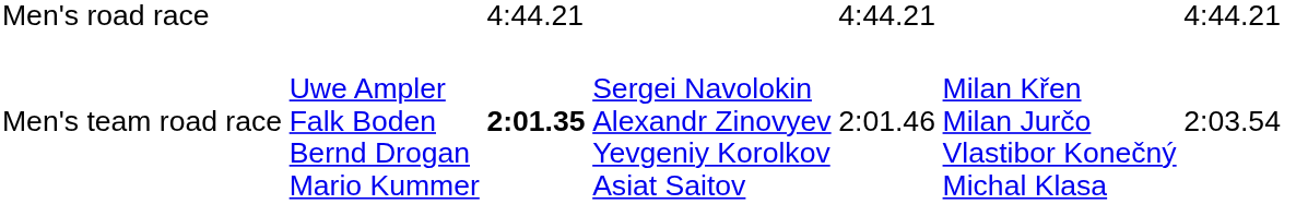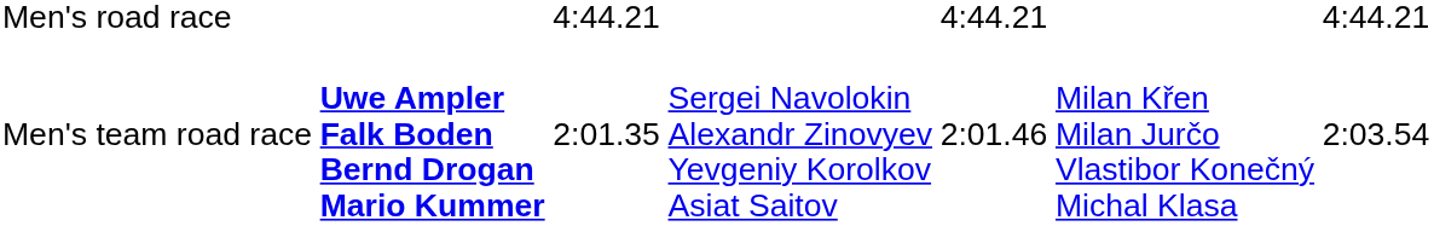 <table>
 <tr>
 <td>Men's road race</td>
 <td></td>
 <td>4:44.21</td>
 <td></td>
 <td>4:44.21</td>
 <td></td>
 <td>4:44.21</td>
 </tr>
 <tr>
 <td>Men's team road race</td>
-<td><br><a href='#'>Uwe Ampler</a><br><a href='#'>Falk Boden</a><br><a href='#'>Bernd Drogan</a><br><a href='#'>Mario Kummer</a></td>
-<td><strong>2:01.35</strong></td>
+<td><strong><br><a href='#'>Uwe Ampler</a><br><a href='#'>Falk Boden</a><br><a href='#'>Bernd Drogan</a><br><a href='#'>Mario Kummer</a></strong></td>
+<td>2:01.35</td>
 <td><br><a href='#'>Sergei Navolokin</a><br><a href='#'>Alexandr Zinovyev</a><br><a href='#'>Yevgeniy Korolkov</a><br><a href='#'>Asiat Saitov</a></td>
 <td>2:01.46</td>
 <td><br><a href='#'>Milan Křen</a><br><a href='#'>Milan Jurčo</a><br><a href='#'>Vlastibor Konečný</a><br><a href='#'>Michal Klasa</a></td>
 <td>2:03.54</td>
 </tr>
 </table>
